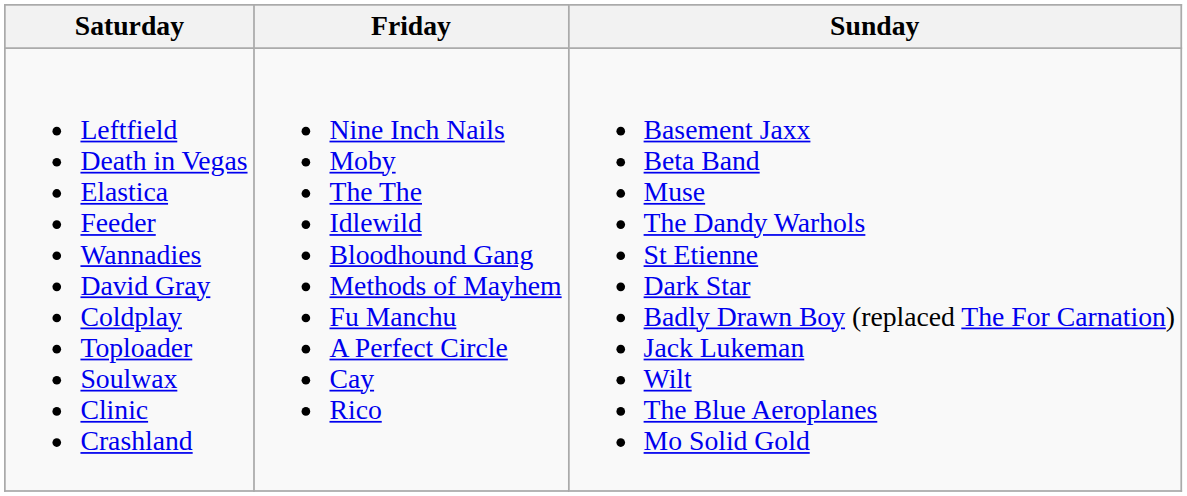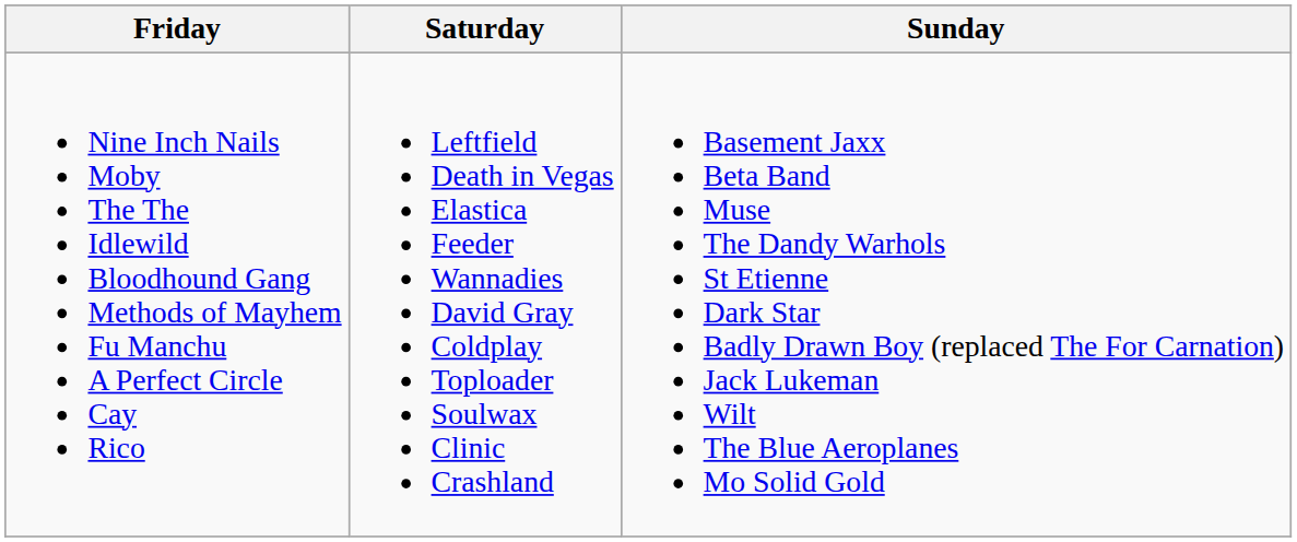 <table class="wikitable">
 <tr>
+<th>Friday</th>
 <th>Saturday</th>
-<th>Friday</th>
 <th>Sunday</th>
 </tr>
 <tr valign="top">
+<td><br><ul><li><a href='#'>Nine Inch Nails</a></li><li><a href='#'>Moby</a></li><li><a href='#'>The The</a></li><li><a href='#'>Idlewild</a></li><li><a href='#'>Bloodhound Gang</a></li><li><a href='#'>Methods of Mayhem</a></li><li><a href='#'>Fu Manchu</a></li><li><a href='#'>A Perfect Circle</a></li><li><a href='#'>Cay</a></li><li><a href='#'>Rico</a></li></ul></td>
 <td><br><ul><li><a href='#'>Leftfield</a></li><li><a href='#'>Death in Vegas</a></li><li><a href='#'>Elastica</a></li><li><a href='#'>Feeder</a></li><li><a href='#'>Wannadies</a></li><li><a href='#'>David Gray</a></li><li><a href='#'>Coldplay</a></li><li><a href='#'>Toploader</a></li><li><a href='#'>Soulwax</a></li><li><a href='#'>Clinic</a></li><li><a href='#'>Crashland</a></li></ul></td>
-<td><br><ul><li><a href='#'>Nine Inch Nails</a></li><li><a href='#'>Moby</a></li><li><a href='#'>The The</a></li><li><a href='#'>Idlewild</a></li><li><a href='#'>Bloodhound Gang</a></li><li><a href='#'>Methods of Mayhem</a></li><li><a href='#'>Fu Manchu</a></li><li><a href='#'>A Perfect Circle</a></li><li><a href='#'>Cay</a></li><li><a href='#'>Rico</a></li></ul></td>
 <td><br><ul><li><a href='#'>Basement Jaxx</a></li><li><a href='#'>Beta Band</a></li><li><a href='#'>Muse</a></li><li><a href='#'>The Dandy Warhols</a></li><li><a href='#'>St Etienne</a></li><li><a href='#'>Dark Star</a></li><li><a href='#'>Badly Drawn Boy</a> (replaced <a href='#'>The For Carnation</a>)</li><li><a href='#'>Jack Lukeman</a></li><li><a href='#'>Wilt</a></li><li><a href='#'>The Blue Aeroplanes</a></li><li><a href='#'>Mo Solid Gold</a></li></ul></td>
 </tr>
 </table>
